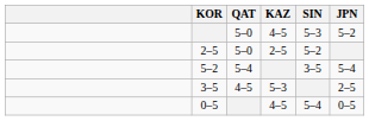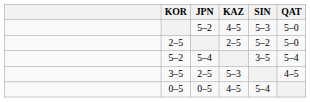 <table class="wikitable" style="text-align:center">
 <tr>
 <th width="250"> </th>
 <th width="40">KOR</th>
-<th width="40">QAT</th>
+<th width="40">JPN</th>
 <th width="40">KAZ</th>
 <th width="40">SIN</th>
-<th width="40">JPN</th>
+<th width="40">QAT</th>
 </tr>
 <tr>
 <td align=left></td>
 <th></th>
-<td>5–0</td>
+<td>5–2</td>
 <td>4–5</td>
 <td>5–3</td>
-<td>5–2</td>
+<td>5–0</td>
 </tr>
 <tr>
 <td align=left></td>
 <td>2–5</td>
-<td>5–0</td>
+<th></th>
 <td>2–5</td>
 <td>5–2</td>
-<th></th>
+<td>5–0</td>
 </tr>
 <tr>
 <td align=left></td>
 <td>5–2</td>
 <td>5–4</td>
 <th></th>
 <td>3–5</td>
 <td>5–4</td>
 </tr>
 <tr>
 <td align=left></td>
 <td>3–5</td>
-<td>4–5</td>
+<td>2–5</td>
 <td>5–3</td>
 <th></th>
-<td>2–5</td>
+<td>4–5</td>
 </tr>
 <tr>
 <td align=left></td>
 <td>0–5</td>
-<th></th>
+<td>0–5</td>
 <td>4–5</td>
 <td>5–4</td>
-<td>0–5</td>
+<th></th>
 </tr>
 </table>
